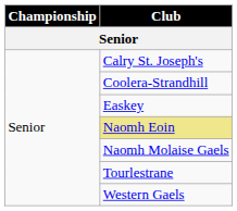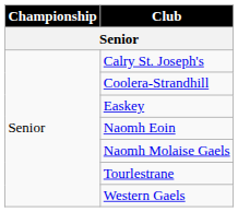 <table class="wikitable sortable">
 <tr>
 <th style="background:black;color:white">Championship</th>
 <th style="background:black;color:white">Club</th>
 </tr>
 <tr>
 <th colspan="2">Senior</th>
 </tr>
 <tr>
 <td rowspan="7">Senior</td>
 <td> <a href='#'>Calry St. Joseph's</a></td>
 </tr>
 <tr>
 <td> <a href='#'>Coolera-Strandhill</a></td>
 </tr>
 <tr>
 <td> <a href='#'>Easkey</a></td>
 </tr>
 <tr>
-<td style="background: khaki;"> <a href='#'>Naomh Eoin</a></td>
+<td> <a href='#'>Naomh Eoin</a></td>
 </tr>
 <tr>
 <td> <a href='#'>Naomh Molaise Gaels</a></td>
 </tr>
 <tr>
 <td> <a href='#'>Tourlestrane</a></td>
 </tr>
 <tr>
 <td> <a href='#'>Western Gaels</a></td>
 </tr>
 </table>
